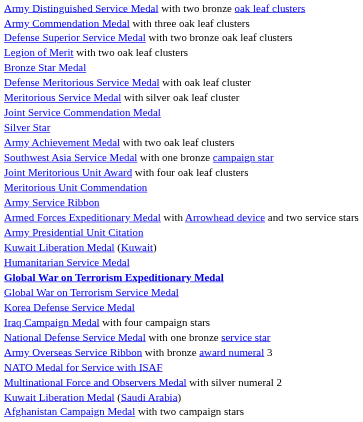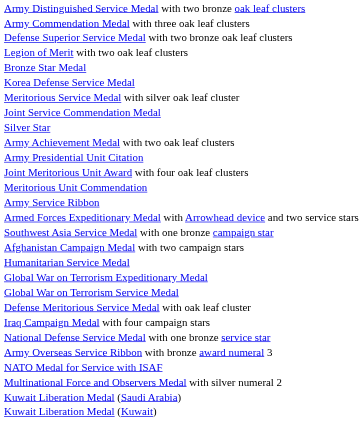 <table>
 <tr>
 <td><span></span><span></span> <a href='#'>Army Distinguished Service Medal</a> with two bronze <a href='#'>oak leaf clusters</a></td>
 </tr>
 <tr>
 <td><span></span><span></span><span></span> <a href='#'>Army Commendation Medal</a> with three oak leaf clusters</td>
 </tr>
 <tr>
 <td><span></span><span></span> <a href='#'>Defense Superior Service Medal</a> with two bronze oak leaf clusters</td>
 </tr>
 <tr>
 <td><span></span><span></span> <a href='#'>Legion of Merit</a> with two oak leaf clusters</td>
 </tr>
 <tr>
 <td> <a href='#'>Bronze Star Medal</a></td>
 </tr>
 <tr>
-<td> <a href='#'>Defense Meritorious Service Medal</a> with oak leaf cluster</td>
+<td> <a href='#'>Korea Defense Service Medal</a></td>
 </tr>
 <tr>
 <td> <a href='#'>Meritorious Service Medal</a> with silver oak leaf cluster</td>
 </tr>
 <tr>
 <td> <a href='#'>Joint Service Commendation Medal</a></td>
 </tr>
 <tr>
 <td> <a href='#'>Silver Star</a></td>
 </tr>
 <tr>
 <td><span></span><span></span> <a href='#'>Army Achievement Medal</a> with two oak leaf clusters</td>
 </tr>
 <tr>
-<td> <a href='#'>Southwest Asia Service Medal</a> with one bronze <a href='#'>campaign star</a></td>
+<td> <a href='#'>Army Presidential Unit Citation</a></td>
 </tr>
 <tr>
 <td><span></span><span></span><span></span><span></span> <a href='#'>Joint Meritorious Unit Award</a> with four oak leaf clusters</td>
 </tr>
 <tr>
 <td> <a href='#'>Meritorious Unit Commendation</a></td>
 </tr>
 <tr>
 <td> <a href='#'>Army Service Ribbon</a></td>
 </tr>
 <tr>
 <td><span></span><span></span><span></span> <a href='#'>Armed Forces Expeditionary Medal</a> with <a href='#'>Arrowhead device</a> and two service stars</td>
 </tr>
 <tr>
-<td> <a href='#'>Army Presidential Unit Citation</a></td>
+<td> <a href='#'>Southwest Asia Service Medal</a> with one bronze <a href='#'>campaign star</a></td>
 </tr>
 <tr>
-<td> <a href='#'>Kuwait Liberation Medal</a> (<a href='#'>Kuwait</a>)</td>
+<td><span></span><span></span> <a href='#'>Afghanistan Campaign Medal</a> with two campaign stars</td>
 </tr>
 <tr>
 <td> <a href='#'>Humanitarian Service Medal</a></td>
 </tr>
 <tr>
-<td><strong> <a href='#'>Global War on Terrorism Expeditionary Medal</a></strong></td>
+<td> <a href='#'>Global War on Terrorism Expeditionary Medal</a></td>
 </tr>
 <tr>
 <td> <a href='#'>Global War on Terrorism Service Medal</a></td>
 </tr>
 <tr>
-<td> <a href='#'>Korea Defense Service Medal</a></td>
+<td> <a href='#'>Defense Meritorious Service Medal</a> with oak leaf cluster</td>
 </tr>
 <tr>
 <td><span></span><span></span><span></span><span></span> <a href='#'>Iraq Campaign Medal</a> with four campaign stars</td>
 </tr>
 <tr>
 <td> <a href='#'>National Defense Service Medal</a> with one bronze <a href='#'>service star</a></td>
 </tr>
 <tr>
 <td><span></span> <a href='#'>Army Overseas Service Ribbon</a> with bronze <a href='#'>award numeral</a> 3</td>
 </tr>
 <tr>
 <td> <a href='#'>NATO Medal for Service with ISAF</a></td>
 </tr>
 <tr>
 <td><span></span> <a href='#'>Multinational Force and Observers Medal</a> with silver numeral 2</td>
 </tr>
 <tr>
 <td> <a href='#'>Kuwait Liberation Medal</a> (<a href='#'>Saudi Arabia</a>)</td>
 </tr>
 <tr>
-<td><span></span><span></span> <a href='#'>Afghanistan Campaign Medal</a> with two campaign stars</td>
+<td> <a href='#'>Kuwait Liberation Medal</a> (<a href='#'>Kuwait</a>)</td>
 </tr>
 </table>
